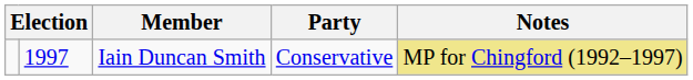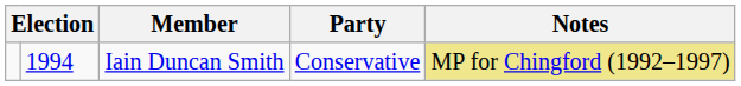 <table class="wikitable">
 <tr>
 <th colspan="2">Election</th>
 <th>Member</th>
 <th>Party</th>
 <th>Notes</th>
 </tr>
 <tr>
 <td style="color:inherit;background: "></td>
-<td><a href='#'>1997</a></td>
+<td><a href='#'>1994</a></td>
 <td><a href='#'>Iain Duncan Smith</a></td>
 <td><a href='#'>Conservative</a></td>
 <td style="background: khaki;">MP for <a href='#'>Chingford</a> (1992–1997)</td>
 </tr>
 </table>
